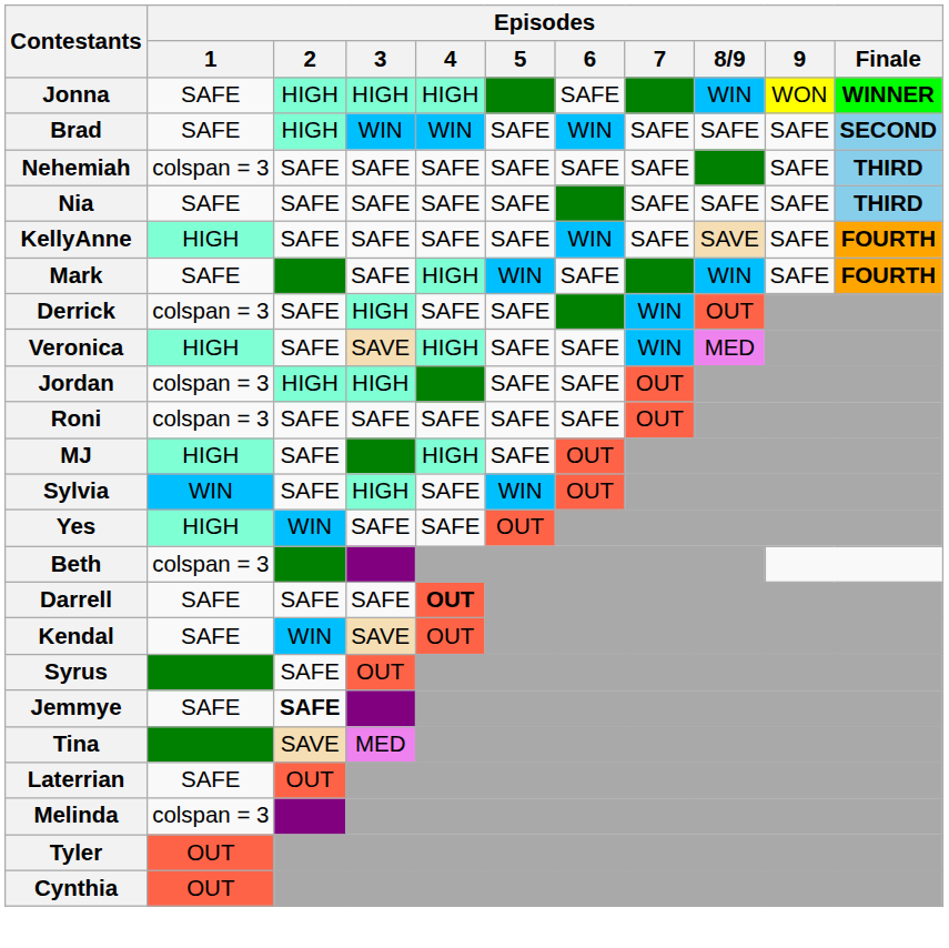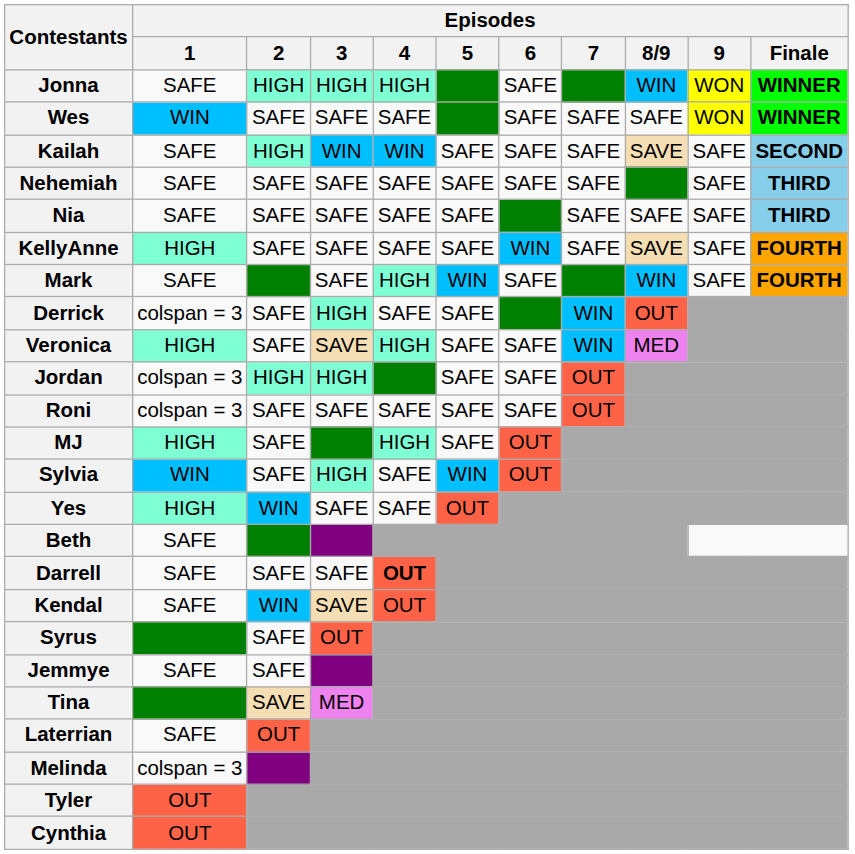 <table class="wikitable" style="text-align:center">
 <tr>
 <th rowspan=2>Contestants</th>
 <th colspan="10">Episodes</th>
 </tr>
 <tr>
 <th>1</th>
 <th>2</th>
 <th>3</th>
 <th>4</th>
 <th>5</th>
 <th>6</th>
 <th>7</th>
 <th>8/9</th>
 <th>9</th>
 <th>Finale</th>
 </tr>
 <tr>
 <th>Jonna</th>
 <td>SAFE</td>
 <td bgcolor="aquamarine">HIGH</td>
 <td bgcolor="aquamarine">HIGH</td>
 <td bgcolor="aquamarine">HIGH</td>
 <td bgcolor="green"></td>
 <td>SAFE</td>
 <td bgcolor="green"></td>
 <td bgcolor="deepskyblue">WIN</td>
 <td bgcolor="yellow">WON</td>
 <td bgcolor="lime"><strong>WINNER</strong></td>
 </tr>
 <tr>
-<th>Brad</th>
+<th>Wes</th>
+<td bgcolor="deepskyblue">WIN</td>
+<td>SAFE</td>
+<td>SAFE</td>
+<td>SAFE</td>
+<td bgcolor="green"></td>
+<td>SAFE</td>
+<td>SAFE</td>
+<td>SAFE</td>
+<td bgcolor="yellow">WON</td>
+<td bgcolor="lime"><strong>WINNER</strong></td>
+</tr>
+<tr>
+<th>Kailah</th>
 <td>SAFE</td>
 <td bgcolor="aquamarine">HIGH</td>
 <td bgcolor="deepskyblue">WIN</td>
 <td bgcolor="deepskyblue">WIN</td>
 <td>SAFE</td>
-<td bgcolor="deepskyblue">WIN</td>
 <td>SAFE</td>
 <td>SAFE</td>
+<td bgcolor="wheat">SAVE</td>
 <td>SAFE</td>
 <td bgcolor="skyblue"><strong>SECOND</strong></td>
 </tr>
 <tr>
 <th>Nehemiah</th>
-<td>colspan = 3 </td>
+<td>SAFE</td>
 <td>SAFE</td>
 <td>SAFE</td>
 <td>SAFE</td>
 <td>SAFE</td>
 <td>SAFE</td>
 <td>SAFE</td>
 <td bgcolor="green"></td>
 <td>SAFE</td>
 <td bgcolor="skyblue"><strong>THIRD</strong></td>
 </tr>
 <tr>
 <th>Nia</th>
 <td>SAFE</td>
 <td>SAFE</td>
 <td>SAFE</td>
 <td>SAFE</td>
 <td>SAFE</td>
 <td bgcolor="green"></td>
 <td>SAFE</td>
 <td>SAFE</td>
 <td>SAFE</td>
 <td bgcolor="skyblue"><strong>THIRD</strong></td>
 </tr>
 <tr>
 <th>KellyAnne</th>
 <td bgcolor="aquamarine">HIGH</td>
 <td>SAFE</td>
 <td>SAFE</td>
 <td>SAFE</td>
 <td>SAFE</td>
 <td bgcolor="deepskyblue">WIN</td>
 <td>SAFE</td>
 <td bgcolor="wheat">SAVE</td>
 <td>SAFE</td>
 <td bgcolor="orange"><strong>FOURTH</strong></td>
 </tr>
 <tr>
 <th>Mark</th>
 <td>SAFE</td>
 <td bgcolor="green"></td>
 <td>SAFE</td>
 <td bgcolor="aquamarine">HIGH</td>
 <td bgcolor="deepskyblue">WIN</td>
 <td>SAFE</td>
 <td bgcolor="green"></td>
 <td bgcolor="deepskyblue">WIN</td>
 <td>SAFE</td>
 <td bgcolor="orange"><strong>FOURTH</strong></td>
 </tr>
 <tr>
 <th>Derrick</th>
 <td>colspan = 3 </td>
 <td>SAFE</td>
 <td bgcolor="aquamarine">HIGH</td>
 <td>SAFE</td>
 <td>SAFE</td>
 <td bgcolor="green"></td>
 <td bgcolor="deepskyblue">WIN</td>
 <td bgcolor="tomato">OUT</td>
 <td bgcolor="darkgray" colspan=2></td>
 </tr>
 <tr>
 <th>Veronica</th>
 <td bgcolor="aquamarine">HIGH</td>
 <td>SAFE</td>
 <td bgcolor="wheat">SAVE</td>
 <td bgcolor="aquamarine">HIGH</td>
 <td>SAFE</td>
 <td>SAFE</td>
 <td bgcolor="deepskyblue">WIN</td>
 <td bgcolor="violet">MED</td>
 <td bgcolor="darkgray" colspan=2></td>
 </tr>
 <tr>
 <th>Jordan</th>
 <td>colspan = 3 </td>
 <td bgcolor="aquamarine">HIGH</td>
 <td bgcolor="aquamarine">HIGH</td>
 <td bgcolor="green"></td>
 <td>SAFE</td>
 <td>SAFE</td>
 <td bgcolor="tomato">OUT</td>
 <td colspan="3" style="background:darkgray"></td>
 </tr>
 <tr>
 <th>Roni</th>
 <td>colspan = 3 </td>
 <td>SAFE</td>
 <td>SAFE</td>
 <td>SAFE</td>
 <td>SAFE</td>
 <td>SAFE</td>
 <td bgcolor="tomato">OUT</td>
 <td colspan="3" style="background:darkgray"></td>
 </tr>
 <tr>
 <th>MJ</th>
 <td bgcolor="aquamarine">HIGH</td>
 <td>SAFE</td>
 <td bgcolor="green"></td>
 <td bgcolor="aquamarine">HIGH</td>
 <td>SAFE</td>
 <td bgcolor="tomato">OUT</td>
 <td colspan="4" style="background:darkgray"></td>
 </tr>
 <tr>
 <th>Sylvia</th>
 <td bgcolor="deepskyblue">WIN</td>
 <td>SAFE</td>
 <td bgcolor="aquamarine">HIGH</td>
 <td>SAFE</td>
 <td bgcolor="deepskyblue">WIN</td>
 <td bgcolor="tomato">OUT</td>
 <td colspan="4" style="background:darkgray"></td>
 </tr>
 <tr>
 <th>Yes</th>
 <td bgcolor="aquamarine">HIGH</td>
 <td bgcolor="deepskyblue">WIN</td>
 <td>SAFE</td>
 <td>SAFE</td>
 <td bgcolor="tomato">OUT</td>
 <td colspan="5" style="background:darkgray"></td>
 </tr>
 <tr>
 <th>Beth</th>
-<td>colspan = 3 </td>
+<td>SAFE</td>
 <td bgcolor="green"></td>
 <td bgcolor="purple"></td>
 <td colspan="5" style="background:darkgray"></td>
 </tr>
 <tr>
 <th>Darrell</th>
 <td>SAFE</td>
 <td>SAFE</td>
 <td>SAFE</td>
 <td bgcolor="tomato"><strong>OUT</strong></td>
 <td colspan="6" style="background:darkgray"></td>
 </tr>
 <tr>
 <th>Kendal</th>
 <td>SAFE</td>
 <td bgcolor="deepskyblue">WIN</td>
 <td bgcolor="wheat">SAVE</td>
 <td bgcolor="tomato">OUT</td>
 <td colspan="6" style="background:darkgray"></td>
 </tr>
 <tr>
 <th>Syrus</th>
 <td bgcolor="green"></td>
 <td>SAFE</td>
 <td bgcolor="tomato">OUT</td>
 <td colspan="7" style="background:darkgray"></td>
 </tr>
 <tr>
 <th>Jemmye</th>
 <td>SAFE</td>
-<td><strong>SAFE</strong></td>
+<td>SAFE</td>
 <td bgcolor="purple"></td>
 <td colspan="7" style="background:darkgray"></td>
 </tr>
 <tr>
 <th>Tina</th>
 <td bgcolor="green"></td>
 <td bgcolor="wheat">SAVE</td>
 <td bgcolor="violet">MED</td>
 <td colspan="7" style="background:darkgray"></td>
 </tr>
 <tr>
 <th>Laterrian</th>
 <td>SAFE</td>
 <td bgcolor="tomato">OUT</td>
 <td colspan="8" style="background:darkgray"></td>
 </tr>
 <tr>
 <th>Melinda</th>
 <td>colspan = 3 </td>
 <td bgcolor="purple"></td>
 <td colspan="8" style="background:darkgray"></td>
 </tr>
 <tr>
 <th>Tyler</th>
 <td bgcolor="tomato">OUT</td>
 <td colspan="9" style="background:darkgray"></td>
 </tr>
 <tr>
 <th>Cynthia</th>
 <td bgcolor="tomato">OUT</td>
 <td colspan="9" style="background:darkgray"></td>
 </tr>
 </table>
